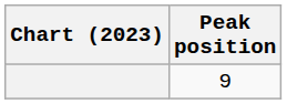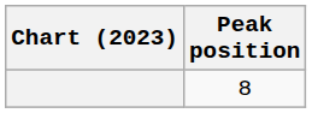 <table class="wikitable plainrowheaders" style="text-align:center">
 <tr>
 <th scope="col">Chart (2023)</th>
 <th scope="col">Peak<br>position</th>
 </tr>
 <tr>
 <th scope="row"></th>
-<td>9</td>
+<td>8</td>
 </tr>
 </table>
